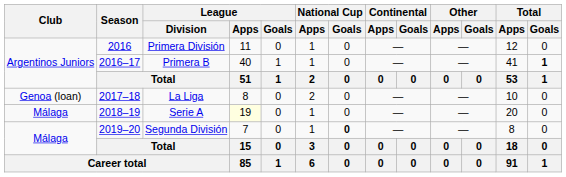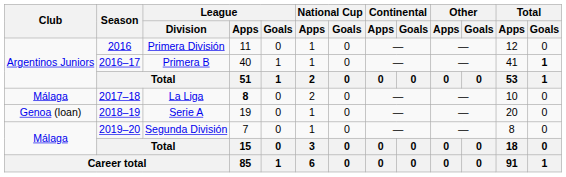 <table class="wikitable" style="text-align: center;">
 <tr>
 <th rowspan="2">Club</th>
 <th rowspan="2">Season</th>
 <th colspan="3">League</th>
 <th colspan="2">National Cup</th>
 <th colspan="2">Continental</th>
 <th colspan="2">Other</th>
 <th colspan="2">Total</th>
 </tr>
 <tr>
 <th>Division</th>
 <th>Apps</th>
 <th>Goals</th>
 <th>Apps</th>
 <th>Goals</th>
 <th>Apps</th>
 <th>Goals</th>
 <th>Apps</th>
 <th>Goals</th>
 <th>Apps</th>
 <th>Goals</th>
 </tr>
 <tr>
 <td rowspan="3"><a href='#'>Argentinos Juniors</a></td>
 <td><a href='#'>2016</a></td>
 <td><a href='#'>Primera División</a></td>
 <td>11</td>
 <td>0</td>
 <td>1</td>
 <td>0</td>
 <td colspan="2“">—</td>
 <td colspan="2“">—</td>
 <td>12</td>
 <td>0</td>
 </tr>
 <tr>
 <td><a href='#'>2016–17</a></td>
 <td><a href='#'>Primera B</a></td>
 <td>40</td>
 <td>1</td>
 <td>1</td>
 <td>0</td>
 <td colspan="2“">—</td>
 <td colspan="2“">—</td>
 <td>41</td>
 <td><strong>1</strong></td>
 </tr>
 <tr>
 <th colspan="2">Total</th>
 <th>51</th>
 <th>1</th>
 <th>2</th>
 <th>0</th>
 <th>0</th>
 <th>0</th>
 <th>0</th>
 <th>0</th>
 <th>53</th>
 <th>1</th>
 </tr>
 <tr>
-<td><a href='#'>Genoa</a> (loan)</td>
+<td><a href='#'>Málaga</a></td>
 <td><a href='#'>2017–18</a></td>
 <td><a href='#'>La Liga</a></td>
-<td>8</td>
+<td><strong>8</strong></td>
 <td>0</td>
 <td>2</td>
 <td>0</td>
 <td colspan="2“">—</td>
 <td colspan="2“">—</td>
 <td>10</td>
 <td>0</td>
 </tr>
 <tr>
-<td><a href='#'>Málaga</a></td>
+<td><a href='#'>Genoa</a> (loan)</td>
 <td><a href='#'>2018–19</a></td>
 <td><a href='#'>Serie A</a></td>
-<td style="background: lightyellow;">19</td>
+<td>19</td>
 <td>0</td>
 <td>1</td>
 <td>0</td>
 <td colspan="2“">—</td>
 <td colspan="2“">—</td>
 <td>20</td>
 <td>0</td>
 </tr>
 <tr>
 <td rowspan="2"><a href='#'>Málaga</a></td>
 <td><a href='#'>2019–20</a></td>
 <td><a href='#'>Segunda División</a></td>
 <td>7</td>
 <td>0</td>
 <td>1</td>
-<td><strong>0</strong></td>
+<td>0</td>
 <td colspan="2“">—</td>
 <td colspan="2“">—</td>
 <td>8</td>
 <td>0</td>
 </tr>
 <tr>
 <th colspan="2">Total</th>
 <th>15</th>
 <th>0</th>
 <th>3</th>
 <th>0</th>
 <th>0</th>
 <th>0</th>
 <th>0</th>
 <th>0</th>
 <th>18</th>
 <th>0</th>
 </tr>
 <tr>
 <th colspan="3">Career total</th>
 <th>85</th>
 <th>1</th>
 <th>6</th>
 <th>0</th>
 <th>0</th>
 <th>0</th>
 <th>0</th>
 <th>0</th>
 <th>91</th>
 <th>1</th>
 </tr>
 </table>
